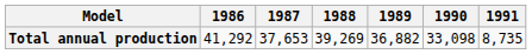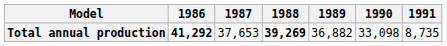 <table class="wikitable" style="text-align:center">
 <tr>
 <th>Model</th>
 <th>1986</th>
 <th>1987</th>
 <th>1988</th>
 <th>1989</th>
 <th>1990</th>
 <th>1991</th>
 </tr>
 <tr>
 <th>Total annual production</th>
-<td>41,292</td>
+<td><strong>41,292</strong></td>
 <td>37,653</td>
-<td>39,269</td>
+<td><strong>39,269</strong></td>
 <td>36,882</td>
 <td>33,098</td>
 <td>8,735</td>
 </tr>
 </table>
